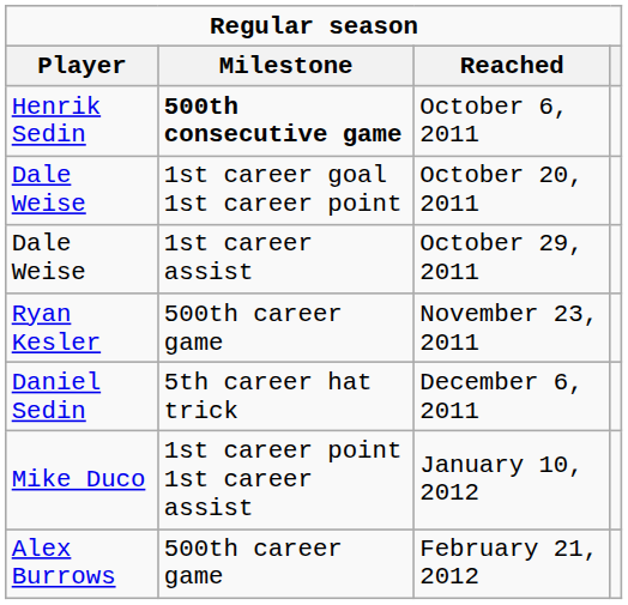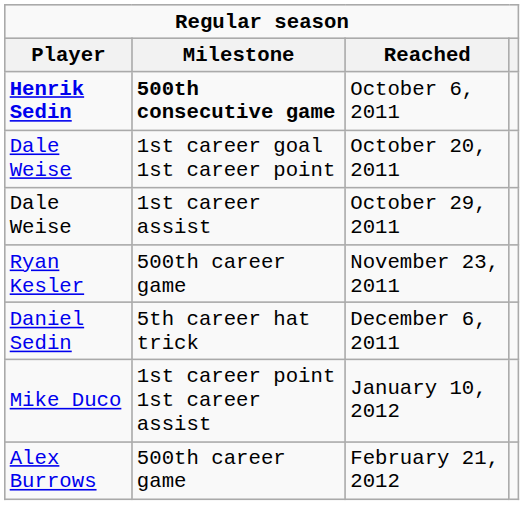 <table class="wikitable" style="width:52%;">
 <tr>
 <td colspan="10" style="text-align:center;"><strong>Regular season</strong></td>
 </tr>
 <tr>
 <th>Player</th>
 <th>Milestone</th>
 <th>Reached</th>
 <th></th>
 </tr>
 <tr>
-<td><a href='#'>Henrik Sedin</a></td>
+<td><strong><a href='#'>Henrik Sedin</a></strong></td>
 <td><strong>500th consecutive game</strong></td>
 <td>October 6, 2011</td>
 <td align=center></td>
 </tr>
 <tr>
 <td><a href='#'>Dale Weise</a></td>
 <td>1st career goal<br>1st career point</td>
 <td>October 20, 2011</td>
 <td align=center></td>
 </tr>
 <tr>
 <td>Dale Weise</td>
 <td>1st career assist</td>
 <td>October 29, 2011</td>
 <td align=center></td>
 </tr>
 <tr>
 <td><a href='#'>Ryan Kesler</a></td>
 <td>500th career game</td>
 <td>November 23, 2011</td>
 <td align=center></td>
 </tr>
 <tr>
 <td><a href='#'>Daniel Sedin</a></td>
 <td>5th career hat trick</td>
 <td>December 6, 2011</td>
 <td align=center></td>
 </tr>
 <tr>
 <td><a href='#'>Mike Duco</a></td>
 <td>1st career point<br>1st career assist</td>
 <td>January 10, 2012</td>
 <td align=center></td>
 </tr>
 <tr>
 <td><a href='#'>Alex Burrows</a></td>
 <td>500th career game</td>
 <td>February 21, 2012</td>
 <td align=center></td>
 </tr>
 </table>
